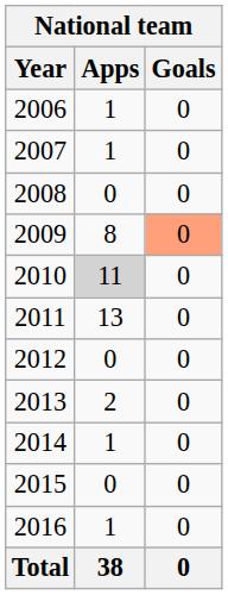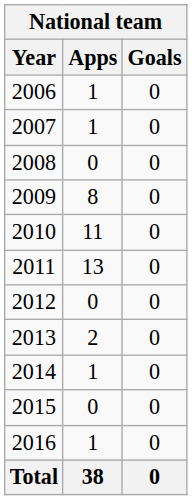 <table class="wikitable" style="text-align:center">
 <tr>
 <th colspan=3>National team</th>
 </tr>
 <tr>
 <th>Year</th>
 <th>Apps</th>
 <th>Goals</th>
 </tr>
 <tr>
 <td>2006</td>
 <td>1</td>
 <td>0</td>
 </tr>
 <tr>
 <td>2007</td>
 <td>1</td>
 <td>0</td>
 </tr>
 <tr>
 <td>2008</td>
 <td>0</td>
 <td>0</td>
 </tr>
 <tr>
 <td>2009</td>
 <td>8</td>
-<td style="background: lightsalmon;">0</td>
+<td>0</td>
 </tr>
 <tr>
 <td>2010</td>
-<td style="background: lightgrey;">11</td>
+<td>11</td>
 <td>0</td>
 </tr>
 <tr>
 <td>2011</td>
 <td>13</td>
 <td>0</td>
 </tr>
 <tr>
 <td>2012</td>
 <td>0</td>
 <td>0</td>
 </tr>
 <tr>
 <td>2013</td>
 <td>2</td>
 <td>0</td>
 </tr>
 <tr>
 <td>2014</td>
 <td>1</td>
 <td>0</td>
 </tr>
 <tr>
 <td>2015</td>
 <td>0</td>
 <td>0</td>
 </tr>
 <tr>
 <td>2016</td>
 <td>1</td>
 <td>0</td>
 </tr>
 <tr>
 <th>Total</th>
 <th>38</th>
 <th>0</th>
 </tr>
 </table>
